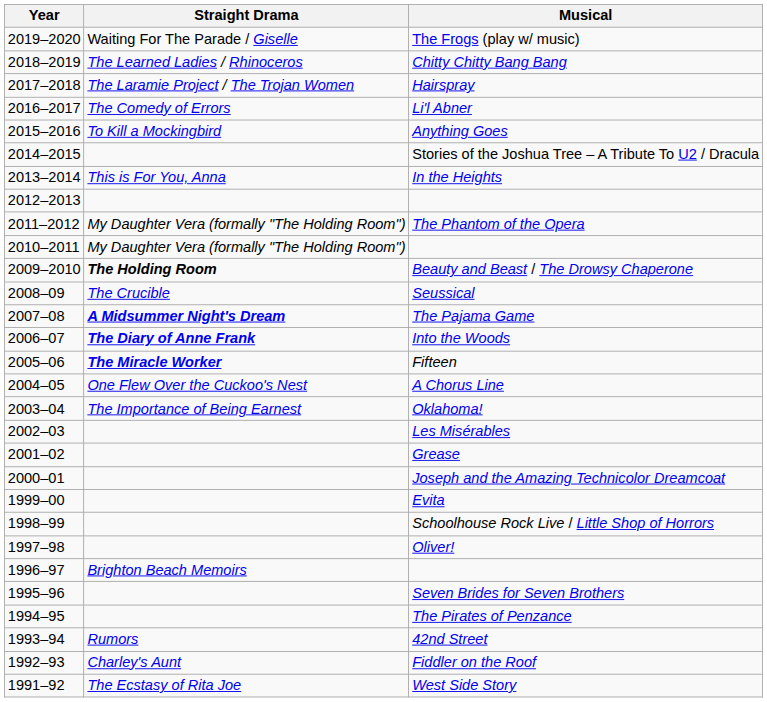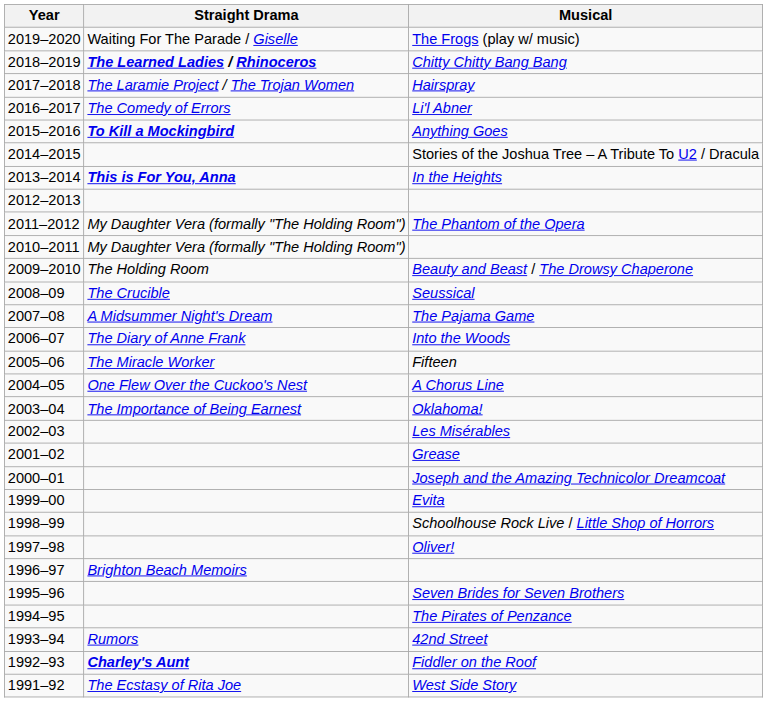 <table class="wikitable">
 <tr>
 <th>Year</th>
 <th>Straight Drama</th>
 <th>Musical</th>
 </tr>
 <tr>
 <td>2019–2020</td>
 <td>Waiting For The Parade / <em><a href='#'>Giselle</a></em></td>
 <td><a href='#'>The Frogs</a> (play w/ music)</td>
 </tr>
 <tr>
 <td>2018–2019</td>
-<td><em><a href='#'>The Learned Ladies</a> / <a href='#'>Rhinoceros</a></em></td>
+<td><strong><em><a href='#'>The Learned Ladies</a> / <a href='#'>Rhinoceros</a></em></strong></td>
 <td><em><a href='#'>Chitty Chitty Bang Bang</a></em></td>
 </tr>
 <tr>
 <td>2017–2018</td>
 <td><em><a href='#'>The Laramie Project</a> / <a href='#'>The Trojan Women</a></em></td>
 <td><em><a href='#'>Hairspray</a></em></td>
 </tr>
 <tr>
 <td>2016–2017</td>
 <td><em><a href='#'>The Comedy of Errors</a></em></td>
 <td><em><a href='#'>Li'l Abner</a></em></td>
 </tr>
 <tr>
 <td>2015–2016</td>
-<td><em><a href='#'>To Kill a Mockingbird</a></em></td>
+<td><strong><em><a href='#'>To Kill a Mockingbird</a></em></strong></td>
 <td><em><a href='#'>Anything Goes</a></em></td>
 </tr>
 <tr>
 <td>2014–2015</td>
 <td></td>
 <td>Stories of the Joshua Tree – A Tribute To <a href='#'>U2</a> / Dracula</td>
 </tr>
 <tr>
 <td>2013–2014</td>
-<td><em><a href='#'>This is For You, Anna</a></em></td>
+<td><strong><em><a href='#'>This is For You, Anna</a></em></strong></td>
 <td><em><a href='#'>In the Heights</a></em></td>
 </tr>
 <tr>
 <td>2012–2013</td>
 <td></td>
 <td></td>
 </tr>
 <tr>
 <td>2011–2012</td>
 <td><em>My Daughter Vera (formally "The Holding Room")</em></td>
 <td><em><a href='#'>The Phantom of the Opera</a></em></td>
 </tr>
 <tr>
 <td>2010–2011</td>
 <td><em>My Daughter Vera (formally "The Holding Room")</em></td>
 </tr>
 <tr>
 <td>2009–2010</td>
-<td><strong><em>The Holding Room</em></strong></td>
+<td><em>The Holding Room</em></td>
 <td><em><a href='#'>Beauty and Beast</a></em> / <em><a href='#'>The Drowsy Chaperone</a></em></td>
 </tr>
 <tr>
 <td>2008–09</td>
 <td><em><a href='#'>The Crucible</a></em></td>
 <td><em><a href='#'>Seussical</a></em></td>
 </tr>
 <tr>
 <td>2007–08</td>
-<td><strong><em><a href='#'>A Midsummer Night's Dream</a></em></strong></td>
+<td><em><a href='#'>A Midsummer Night's Dream</a></em></td>
 <td><em><a href='#'>The Pajama Game</a></em></td>
 </tr>
 <tr>
 <td>2006–07</td>
-<td><strong><em><a href='#'>The Diary of Anne Frank</a></em></strong></td>
+<td><em><a href='#'>The Diary of Anne Frank</a></em></td>
 <td><em><a href='#'>Into the Woods</a></em></td>
 </tr>
 <tr>
 <td>2005–06</td>
-<td><strong><em><a href='#'>The Miracle Worker</a></em></strong></td>
+<td><em><a href='#'>The Miracle Worker</a></em></td>
 <td><em>Fifteen</em></td>
 </tr>
 <tr>
 <td>2004–05</td>
 <td><em><a href='#'>One Flew Over the Cuckoo's Nest</a></em></td>
 <td><em><a href='#'>A Chorus Line</a></em></td>
 </tr>
 <tr>
 <td>2003–04</td>
 <td><em><a href='#'>The Importance of Being Earnest</a></em></td>
 <td><em><a href='#'>Oklahoma!</a></em></td>
 </tr>
 <tr>
 <td>2002–03</td>
 <td><em> </em></td>
 <td><em><a href='#'>Les Misérables</a></em></td>
 </tr>
 <tr>
 <td>2001–02</td>
 <td><em> </em></td>
 <td><em><a href='#'>Grease</a></em></td>
 </tr>
 <tr>
 <td>2000–01</td>
 <td><em> </em></td>
 <td><em><a href='#'>Joseph and the Amazing Technicolor Dreamcoat</a></em></td>
 </tr>
 <tr>
 <td>1999–00</td>
 <td><em> </em></td>
 <td><em><a href='#'>Evita</a></em></td>
 </tr>
 <tr>
 <td>1998–99</td>
 <td><em> </em></td>
 <td><em>Schoolhouse Rock Live</em> / <em><a href='#'>Little Shop of Horrors</a></em></td>
 </tr>
 <tr>
 <td>1997–98</td>
 <td><em> </em></td>
 <td><em><a href='#'>Oliver!</a></em></td>
 </tr>
 <tr>
 <td>1996–97</td>
 <td><em><a href='#'>Brighton Beach Memoirs</a></em></td>
 <td><em> </em></td>
 </tr>
 <tr>
 <td>1995–96</td>
 <td><em> </em></td>
 <td><em><a href='#'>Seven Brides for Seven Brothers</a></em></td>
 </tr>
 <tr>
 <td>1994–95</td>
 <td><em> </em></td>
 <td><em><a href='#'>The Pirates of Penzance</a></em></td>
 </tr>
 <tr>
 <td>1993–94</td>
 <td><em><a href='#'>Rumors</a></em></td>
 <td><em><a href='#'>42nd Street</a></em></td>
 </tr>
 <tr>
 <td>1992–93</td>
-<td><em><a href='#'>Charley's Aunt</a> </em></td>
+<td><strong><em><a href='#'>Charley's Aunt</a> </em></strong></td>
 <td><em><a href='#'>Fiddler on the Roof</a></em></td>
 </tr>
 <tr>
 <td>1991–92</td>
 <td><em><a href='#'>The Ecstasy of Rita Joe</a></em></td>
 <td><em><a href='#'>West Side Story</a></em></td>
 </tr>
 </table>
